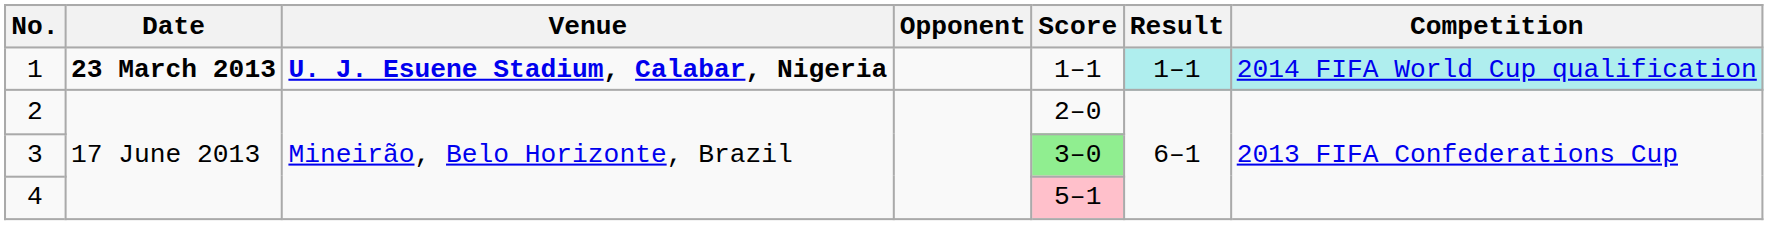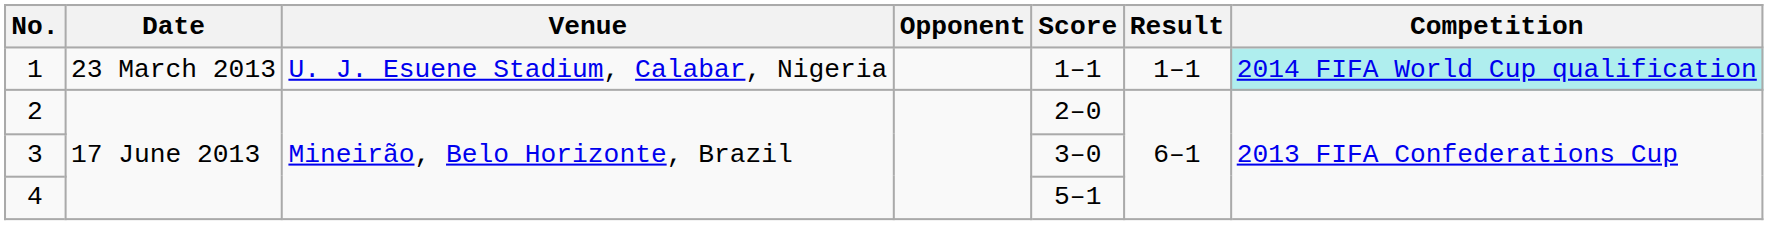 <table class="wikitable sortable">
 <tr>
 <th scope="col">No.</th>
 <th scope="col">Date</th>
 <th scope="col">Venue</th>
 <th scope="col">Opponent</th>
 <th scope="col">Score</th>
 <th scope="col">Result</th>
 <th scope="col">Competition</th>
 </tr>
 <tr>
 <td style="text-align:center">1</td>
-<td><strong>23 March 2013</strong></td>
-<td><strong><a href='#'>U. J. Esuene Stadium</a>, <a href='#'>Calabar</a>, Nigeria</strong></td>
+<td>23 March 2013</td>
+<td><a href='#'>U. J. Esuene Stadium</a>, <a href='#'>Calabar</a>, Nigeria</td>
 <td></td>
 <td style="text-align:center">1–1</td>
-<td style="background: paleturquoise; text-align:center">1–1</td>
+<td style="text-align:center">1–1</td>
 <td style="background: paleturquoise;"><a href='#'>2014 FIFA World Cup qualification</a></td>
 </tr>
 <tr>
 <td style="text-align:center">2</td>
 <td rowspan="3">17 June 2013</td>
 <td rowspan="3"><a href='#'>Mineirão</a>, <a href='#'>Belo Horizonte</a>, Brazil</td>
 <td rowspan="3"></td>
 <td style="text-align:center">2–0</td>
 <td rowspan="3" style="text-align:center">6–1</td>
 <td rowspan="3"><a href='#'>2013 FIFA Confederations Cup</a></td>
 </tr>
 <tr>
 <td style="text-align:center">3</td>
-<td style="background: lightgreen; text-align:center">3–0</td>
+<td style="text-align:center">3–0</td>
 </tr>
 <tr>
 <td style="text-align:center">4</td>
-<td style="background: pink; text-align:center">5–1</td>
+<td style="text-align:center">5–1</td>
 </tr>
 </table>
